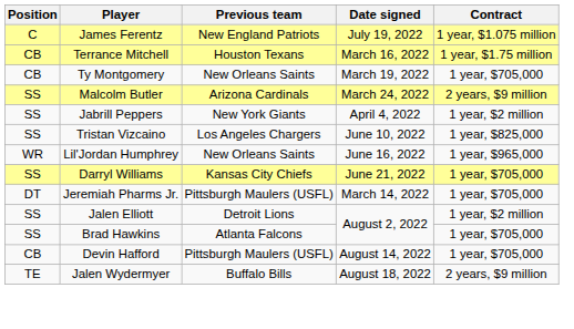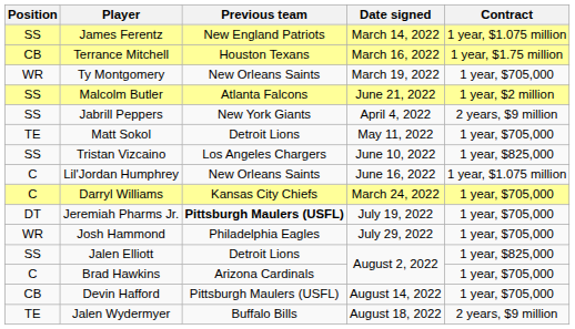 <table class="wikitable" style="text-align:center">
 <tr>
 <th>Position</th>
 <th>Player</th>
 <th>Previous team</th>
 <th>Date signed</th>
 <th>Contract</th>
 </tr>
 <tr style="background:#ff9">
-<td Center (gridiron football)>C</td>
+<td>SS</td>
 <td>James Ferentz</td>
 <td>New England Patriots</td>
-<td>July 19, 2022</td>
+<td>March 14, 2022</td>
 <td>1 year, $1.075 million</td>
 </tr>
 <tr style="background:#ff9">
 <td Cornerback>CB</td>
 <td>Terrance Mitchell</td>
 <td 2021 Houston Texans season>Houston Texans</td>
 <td>March 16, 2022</td>
 <td>1 year, $1.75 million</td>
 </tr>
 <tr>
-<td>CB</td>
+<td Wide receiver>WR</td>
 <td>Ty Montgomery</td>
 <td 2021 New Orleans Saints season>New Orleans Saints</td>
 <td>March 19, 2022</td>
 <td>1 year, $705,000</td>
 </tr>
 <tr style="background:#ff9">
 <td>SS</td>
 <td>Malcolm Butler</td>
-<td 2021 Arizona Cardinals season>Arizona Cardinals</td>
-<td>March 24, 2022</td>
-<td>2 years, $9 million</td>
+<td 2022 Atlanta Falcons season>Atlanta Falcons</td>
+<td>June 21, 2022</td>
+<td>1 year, $2 million</td>
 </tr>
 <tr>
 <td Safety (gridiron football position)>SS</td>
 <td>Jabrill Peppers</td>
 <td 2021 New York Giants season>New York Giants</td>
 <td>April 4, 2022</td>
-<td>1 year, $2 million</td>
+<td>2 years, $9 million</td>
+</tr>
+<tr>
+<td Tight end>TE</td>
+<td>Matt Sokol</td>
+<td 2022 Detroit Lions season>Detroit Lions</td>
+<td>May 11, 2022</td>
+<td>1 year, $705,000</td>
 </tr>
 <tr>
 <td>SS</td>
 <td>Tristan Vizcaino</td>
 <td 2021 Los Angeles Chargers season>Los Angeles Chargers</td>
 <td>June 10, 2022</td>
 <td>1 year, $825,000</td>
 </tr>
 <tr>
-<td>WR</td>
+<td>C</td>
 <td>Lil'Jordan Humphrey</td>
 <td>New Orleans Saints</td>
 <td>June 16, 2022</td>
-<td>1 year, $965,000</td>
+<td>1 year, $1.075 million</td>
 </tr>
 <tr style="background:#ff9">
-<td>SS</td>
+<td>C</td>
 <td Darryl Williams (Center)>Darryl Williams</td>
 <td 2021 Kansas City Chiefs season>Kansas City Chiefs</td>
-<td>June 21, 2022</td>
+<td>March 24, 2022</td>
 <td>1 year, $705,000</td>
 </tr>
 <tr>
 <td Defensive tackle>DT</td>
 <td>Jeremiah Pharms Jr.</td>
-<td Pittsburgh Maulers (2022)>Pittsburgh Maulers (USFL)</td>
-<td>March 14, 2022</td>
+<td Pittsburgh Maulers (2022)><strong>Pittsburgh Maulers (USFL)</strong></td>
+<td>July 19, 2022</td>
+<td>1 year, $705,000</td>
+</tr>
+<tr>
+<td>WR</td>
+<td>Josh Hammond</td>
+<td 2021 Philadelphia Eagles season>Philadelphia Eagles</td>
+<td>July 29, 2022</td>
 <td>1 year, $705,000</td>
 </tr>
 <tr>
 <td>SS</td>
 <td>Jalen Elliott</td>
 <td 2021 Detroit Lions season>Detroit Lions</td>
 <td rowspan="2">August 2, 2022</td>
-<td>1 year, $2 million</td>
+<td>1 year, $825,000</td>
 </tr>
 <tr>
-<td>SS</td>
+<td Center (gridiron football)>C</td>
 <td Brad Hawkins (American football)>Brad Hawkins</td>
-<td 2022 Atlanta Falcons season>Atlanta Falcons</td>
+<td 2021 Arizona Cardinals season>Arizona Cardinals</td>
 <td>1 year, $705,000</td>
 </tr>
 <tr>
 <td>CB</td>
 <td>Devin Hafford</td>
 <td>Pittsburgh Maulers (USFL)</td>
 <td>August 14, 2022</td>
 <td>1 year, $705,000</td>
 </tr>
 <tr>
 <td>TE</td>
 <td>Jalen Wydermyer</td>
 <td 2022 Buffalo Bills season>Buffalo Bills</td>
 <td>August 18, 2022</td>
 <td>2 years, $9 million</td>
 </tr>
 </table>
